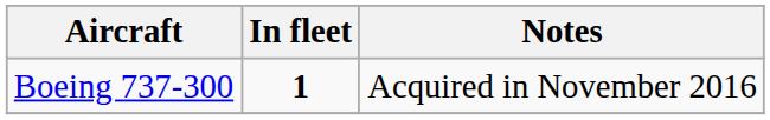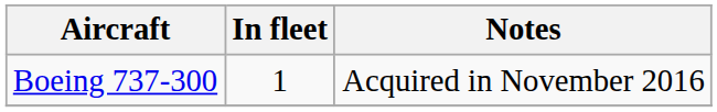 <table class="wikitable" style="margin:0.5em auto">
 <tr>
 <th>Aircraft</th>
 <th>In fleet</th>
 <th>Notes</th>
 </tr>
 <tr>
 <td><a href='#'>Boeing 737-300</a></td>
-<td align=center><strong>1</strong></td>
+<td align=center>1</td>
 <td>Acquired in November 2016</td>
 </tr>
 <tr>
 </tr>
 </table>
